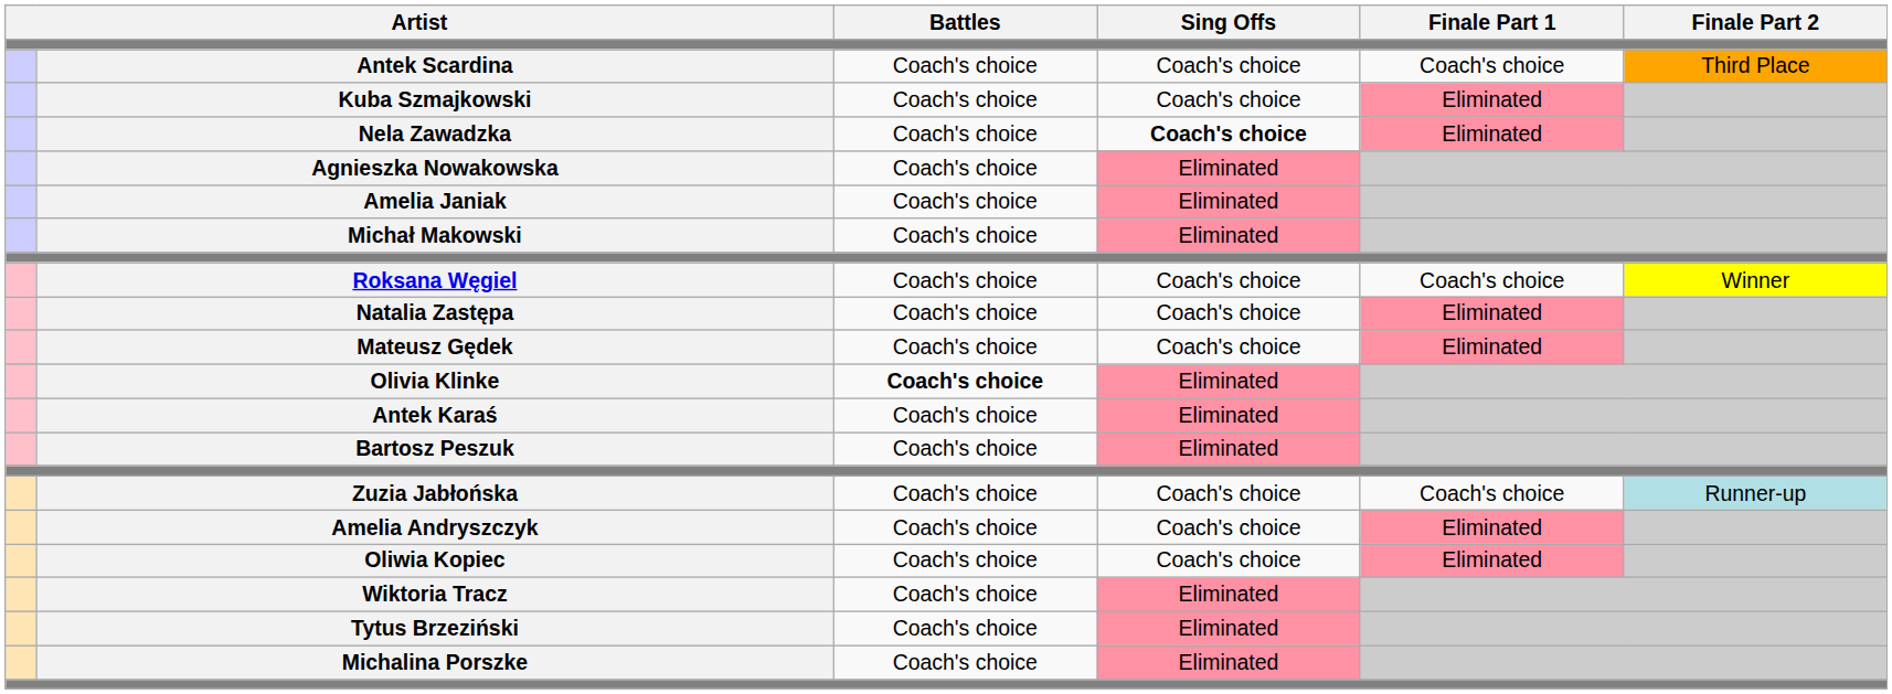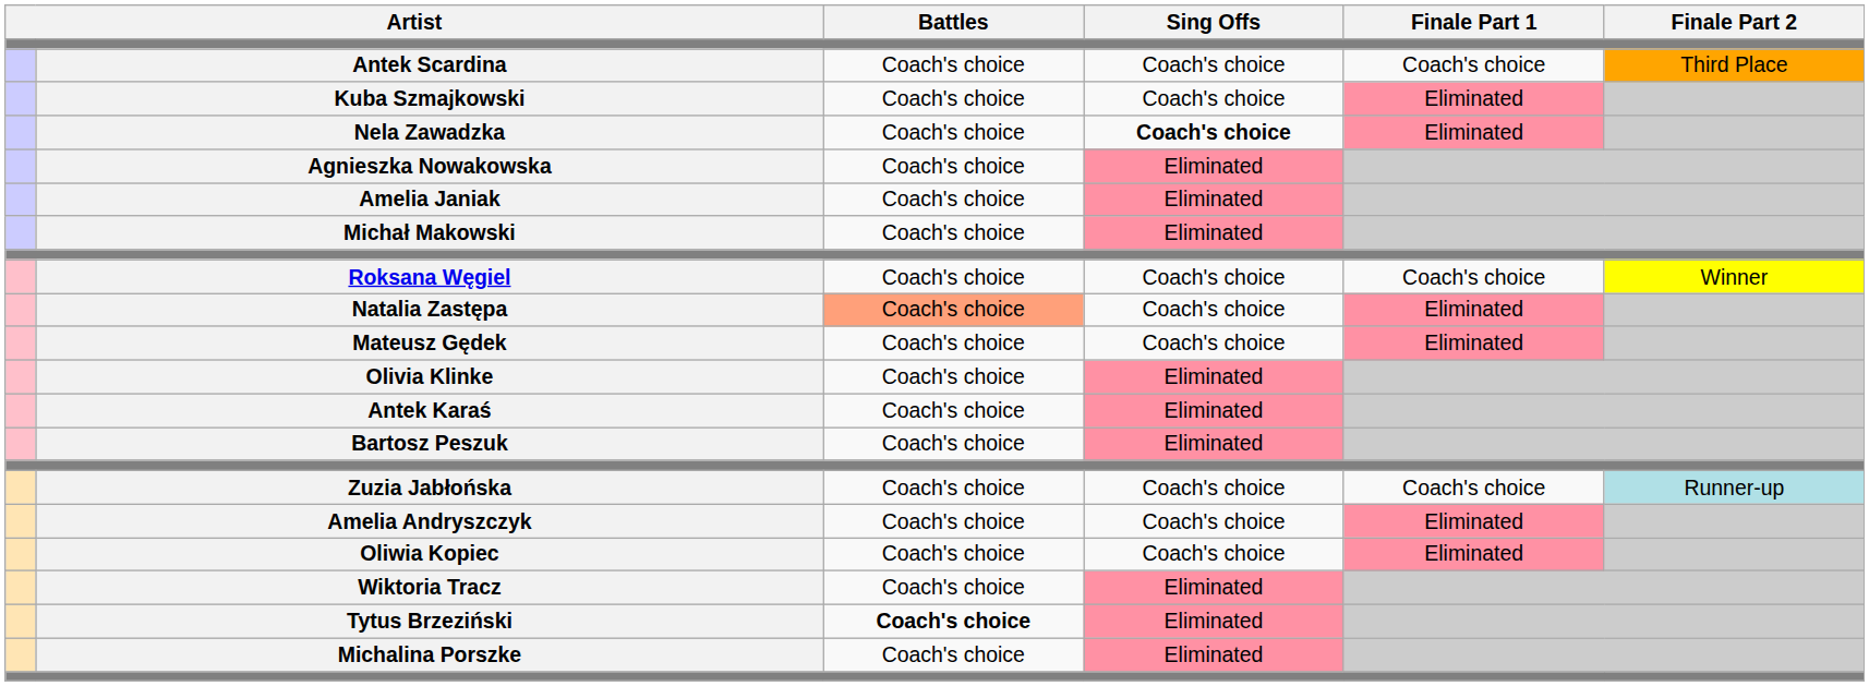 <table class="wikitable"  style="font-size:90%; text-align:center; width:100%;">
 <tr>
 <th colspan="2">Artist</th>
 <th style="width:14%;">Battles</th>
 <th style="width:14%;">Sing Offs</th>
 <th style="width:14%;">Finale Part 1</th>
 <th style="width:14%;">Finale Part 2</th>
 </tr>
 <tr>
 <th colspan="6" style="background:gray;"></th>
 </tr>
 <tr>
 <th style="background:#ccf;"></th>
 <th>Antek Scardina</th>
 <td>Coach's choice</td>
 <td>Coach's choice</td>
 <td>Coach's choice</td>
 <td bgcolor=orange>Third Place</td>
 </tr>
 <tr>
 <th style="background:#ccf;"></th>
 <th>Kuba Szmajkowski</th>
 <td>Coach's choice</td>
 <td>Coach's choice</td>
 <td style="background:#FF91A4;">Eliminated</td>
 <td style="background:#ccc;"></td>
 </tr>
 <tr>
 <th style="background:#ccf;"></th>
 <th>Nela Zawadzka</th>
 <td>Coach's choice</td>
 <td><strong>Coach's choice</strong></td>
 <td style="background:#FF91A4;">Eliminated</td>
 <td style="background:#ccc;"></td>
 </tr>
 <tr>
 <th style="background:#ccf;"></th>
 <th>Agnieszka Nowakowska</th>
 <td>Coach's choice</td>
 <td style="background:#FF91A4;">Eliminated</td>
 <td colspan="2" style="background:#ccc;"></td>
 </tr>
 <tr>
 <th style="background:#ccf;"></th>
 <th>Amelia Janiak</th>
 <td>Coach's choice</td>
 <td style="background:#FF91A4;">Eliminated</td>
 <td colspan="2" style="background:#ccc;"></td>
 </tr>
 <tr>
 <th style="background:#ccf;"></th>
 <th>Michał Makowski</th>
 <td>Coach's choice</td>
 <td style="background:#FF91A4;">Eliminated</td>
 <td colspan="2" style="background:#ccc;"></td>
 </tr>
 <tr>
 <th colspan="6" style="background:gray;"></th>
 </tr>
 <tr>
 <th style="background:pink;"></th>
 <th><a href='#'>Roksana Węgiel</a></th>
 <td>Coach's choice</td>
 <td>Coach's choice</td>
 <td>Coach's choice</td>
 <td bgcolor=yellow>Winner</td>
 </tr>
 <tr>
 <th style="background:pink;"></th>
 <th>Natalia Zastępa</th>
-<td>Coach's choice</td>
+<td style="background: lightsalmon;">Coach's choice</td>
 <td>Coach's choice</td>
 <td style="background:#FF91A4;">Eliminated</td>
 <td style="background:#ccc;"></td>
 </tr>
 <tr>
 <th style="background:pink;"></th>
 <th>Mateusz Gędek</th>
 <td>Coach's choice</td>
 <td>Coach's choice</td>
 <td style="background:#FF91A4;">Eliminated</td>
 <td style="background:#ccc;"></td>
 </tr>
 <tr>
 <th style="background:pink;"></th>
 <th>Olivia Klinke</th>
-<td><strong>Coach's choice</strong></td>
+<td>Coach's choice</td>
 <td style="background:#FF91A4;">Eliminated</td>
 <td colspan="2" style="background:#ccc;"></td>
 </tr>
 <tr>
 <th style="background:pink;"></th>
 <th>Antek Karaś</th>
 <td>Coach's choice</td>
 <td style="background:#FF91A4;">Eliminated</td>
 <td colspan="2" style="background:#ccc;"></td>
 </tr>
 <tr>
 <th style="background:pink;"></th>
 <th>Bartosz Peszuk</th>
 <td>Coach's choice</td>
 <td style="background:#FF91A4;">Eliminated</td>
 <td colspan="2" style="background:#ccc;"></td>
 </tr>
 <tr>
 <th colspan="9" style="background:gray;"></th>
 </tr>
 <tr>
 <th style="background:#ffe5b4;"></th>
 <th>Zuzia Jabłońska</th>
 <td>Coach's choice</td>
 <td>Coach's choice</td>
 <td>Coach's choice</td>
 <td bgcolor=#b0e0e6>Runner-up</td>
 </tr>
 <tr>
 <th style="background:#ffe5b4;"></th>
 <th>Amelia Andryszczyk</th>
 <td>Coach's choice</td>
 <td>Coach's choice</td>
 <td style="background:#FF91A4;">Eliminated</td>
 <td style="background:#ccc;"></td>
 </tr>
 <tr>
 <th style="background:#ffe5b4;"></th>
 <th>Oliwia Kopiec</th>
 <td>Coach's choice</td>
 <td>Coach's choice</td>
 <td style="background:#FF91A4;">Eliminated</td>
 <td style="background:#ccc;"></td>
 </tr>
 <tr>
 <th style="background:#ffe5b4;"></th>
 <th>Wiktoria Tracz</th>
 <td>Coach's choice</td>
 <td style="background:#FF91A4;">Eliminated</td>
 <td colspan="2" style="background:#ccc;"></td>
 </tr>
 <tr>
 <th style="background:#ffe5b4;"></th>
 <th>Tytus Brzeziński</th>
-<td>Coach's choice</td>
+<td><strong>Coach's choice</strong></td>
 <td style="background:#FF91A4;">Eliminated</td>
 <td colspan="2" style="background:#ccc;"></td>
 </tr>
 <tr>
 <th style="background:#ffe5b4;"></th>
 <th>Michalina Porszke</th>
 <td>Coach's choice</td>
 <td style="background:#FF91A4;">Eliminated</td>
 <td colspan="2" style="background:#ccc;"></td>
 </tr>
 <tr>
 <th colspan="9" style="background:gray;"></th>
 </tr>
 <tr>
 </tr>
 </table>
